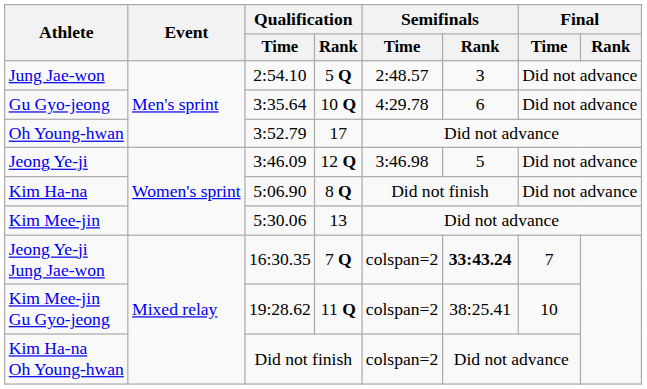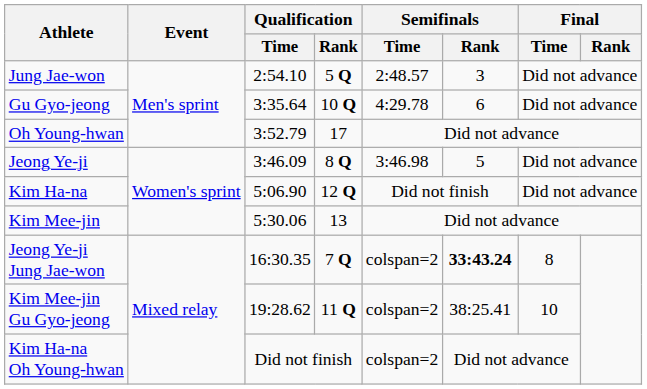 <table class="wikitable" style="font-size:90%">
 <tr>
 <th rowspan=2>Athlete</th>
 <th rowspan=2>Event</th>
 <th colspan=2>Qualification</th>
 <th colspan=2>Semifinals</th>
 <th colspan=2>Final</th>
 </tr>
 <tr style="font-size:95%">
 <th>Time</th>
 <th>Rank</th>
 <th>Time</th>
 <th>Rank</th>
 <th>Time</th>
 <th>Rank</th>
 </tr>
 <tr align=center>
 <td align=left><a href='#'>Jung Jae-won</a></td>
 <td align=left rowspan=3><a href='#'>Men's sprint</a></td>
 <td>2:54.10</td>
 <td>5 <strong>Q</strong></td>
 <td>2:48.57</td>
 <td>3</td>
 <td colspan=2>Did not advance</td>
 </tr>
 <tr align=center>
 <td align=left><a href='#'>Gu Gyo-jeong</a></td>
 <td>3:35.64</td>
 <td>10 <strong>Q</strong></td>
 <td>4:29.78</td>
 <td>6</td>
 <td colspan=2>Did not advance</td>
 </tr>
 <tr align=center>
 <td align=left><a href='#'>Oh Young-hwan</a></td>
 <td>3:52.79</td>
 <td>17</td>
 <td colspan=4>Did not advance</td>
 </tr>
 <tr align=center>
 <td align=left><a href='#'>Jeong Ye-ji</a></td>
 <td align=left rowspan=3><a href='#'>Women's sprint</a></td>
 <td>3:46.09</td>
-<td>12 <strong>Q</strong></td>
+<td>8 <strong>Q</strong></td>
 <td>3:46.98</td>
 <td>5</td>
 <td colspan=2>Did not advance</td>
 </tr>
 <tr align=center>
 <td align=left><a href='#'>Kim Ha-na</a></td>
 <td>5:06.90</td>
-<td>8 <strong>Q</strong></td>
+<td>12 <strong>Q</strong></td>
 <td colspan=2>Did not finish</td>
 <td colspan=2>Did not advance</td>
 </tr>
 <tr align=center>
 <td align=left><a href='#'>Kim Mee-jin</a></td>
 <td>5:30.06</td>
 <td>13</td>
 <td colspan=4>Did not advance</td>
 </tr>
 <tr align=center>
 <td align=left><a href='#'>Jeong Ye-ji</a><br><a href='#'>Jung Jae-won</a></td>
 <td align=left rowspan=3><a href='#'>Mixed relay</a></td>
 <td>16:30.35</td>
 <td>7 <strong>Q</strong></td>
 <td>colspan=2 </td>
 <td><strong>33:43.24</strong></td>
-<td>7</td>
+<td>8</td>
 </tr>
 <tr align=center>
 <td align=left><a href='#'>Kim Mee-jin</a><br><a href='#'>Gu Gyo-jeong</a></td>
 <td>19:28.62</td>
 <td>11 <strong>Q</strong></td>
 <td>colspan=2 </td>
 <td>38:25.41</td>
 <td>10</td>
 </tr>
 <tr align=center>
 <td align=left><a href='#'>Kim Ha-na</a><br><a href='#'>Oh Young-hwan</a></td>
 <td colspan=2>Did not finish</td>
 <td>colspan=2 </td>
 <td colspan=2>Did not advance</td>
 </tr>
 </table>
